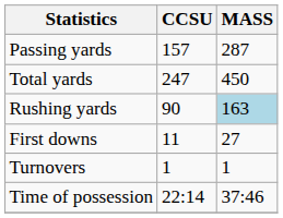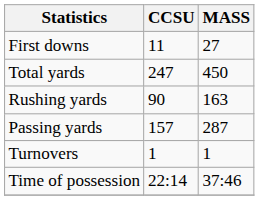 <table class="wikitable" style="float: left;">
 <tr>
 <th>Statistics</th>
 <th>CCSU</th>
 <th>MASS</th>
 </tr>
 <tr>
-<td>Passing yards</td>
-<td>157</td>
-<td>287</td>
+<td>First downs</td>
+<td>11</td>
+<td>27</td>
 </tr>
 <tr>
 <td>Total yards</td>
 <td>247</td>
 <td>450</td>
 </tr>
 <tr>
 <td>Rushing yards</td>
 <td>90</td>
-<td style="background: lightblue;">163</td>
+<td>163</td>
 </tr>
 <tr>
-<td>First downs</td>
-<td>11</td>
-<td>27</td>
+<td>Passing yards</td>
+<td>157</td>
+<td>287</td>
 </tr>
 <tr>
 <td>Turnovers</td>
 <td>1</td>
 <td>1</td>
 </tr>
 <tr>
 <td>Time of possession</td>
 <td>22:14</td>
 <td>37:46</td>
 </tr>
 <tr>
 </tr>
 </table>
